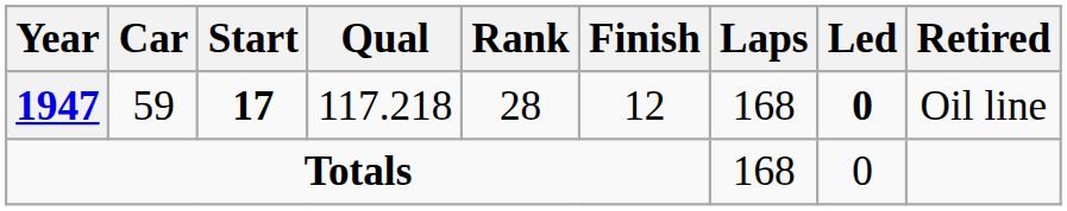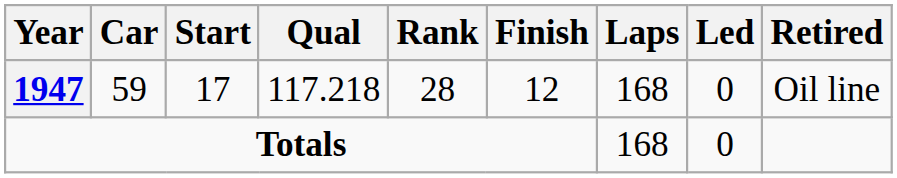 <table class="wikitable" style="text-align:center">
 <tr>
 <th>Year</th>
 <th>Car</th>
 <th>Start</th>
 <th>Qual</th>
 <th>Rank</th>
 <th>Finish</th>
 <th>Laps</th>
 <th>Led</th>
 <th>Retired</th>
 </tr>
 <tr>
 <th><a href='#'>1947</a></th>
 <td>59</td>
-<td><strong>17</strong></td>
+<td>17</td>
 <td>117.218</td>
 <td>28</td>
 <td>12</td>
 <td>168</td>
-<td><strong>0</strong></td>
+<td>0</td>
 <td>Oil line</td>
 </tr>
 <tr>
 <td colspan=6><strong>Totals</strong></td>
 <td>168</td>
 <td>0</td>
 <td></td>
 </tr>
 </table>
